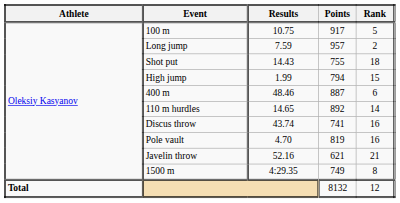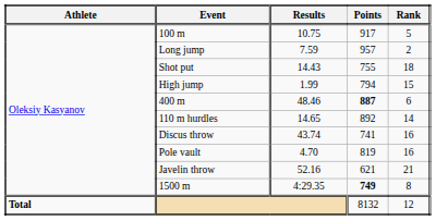 <table class=wikitable style="font-size:90%; border: double;">
 <tr>
 <th style="border-right:double" width=200>Athlete</th>
 <th style="border-right:double" width=150>Event</th>
 <th width=100>Results</th>
 <th width=50>Points</th>
 <th width=50>Rank</th>
 </tr>
 <tr style="border-top: double;">
 <td style="border-right:double" rowspan="10"><a href='#'>Oleksiy Kasyanov</a></td>
 <td style="border-right:double">100 m</td>
 <td align=center>10.75 </td>
 <td align=center>917</td>
 <td align=center>5</td>
 </tr>
 <tr>
 <td style="border-right:double">Long jump</td>
 <td align=center>7.59  </td>
 <td align=center>957</td>
 <td align=center>2</td>
 </tr>
 <tr>
 <td style="border-right:double">Shot put</td>
 <td align=center>14.43 </td>
 <td align=center>755</td>
 <td align=center>18</td>
 </tr>
 <tr>
 <td style="border-right:double">High jump</td>
 <td align=center>1.99</td>
 <td align=center>794</td>
 <td align=center>15</td>
 </tr>
 <tr>
 <td style="border-right:double">400 m</td>
 <td align=center>48.46</td>
-<td align=center>887</td>
+<td align=center><strong>887</strong></td>
 <td align=center>6</td>
 </tr>
 <tr>
 <td style="border-right:double">110 m hurdles</td>
 <td align=center>14.65</td>
 <td align=center>892</td>
 <td align=center>14</td>
 </tr>
 <tr>
 <td style="border-right:double">Discus throw</td>
 <td align=center>43.74</td>
 <td align=center>741</td>
 <td align=center>16</td>
 </tr>
 <tr>
 <td style="border-right:double">Pole vault</td>
 <td align=center>4.70</td>
 <td align=center>819</td>
 <td align=center>16</td>
 </tr>
 <tr>
 <td style="border-right:double">Javelin throw</td>
 <td align=center>52.16 </td>
 <td align=center>621</td>
 <td align=center>21</td>
 </tr>
 <tr>
 <td style="border-right:double">1500 m</td>
 <td align=center>4:29.35</td>
-<td align=center>749</td>
+<td align=center><strong>749</strong></td>
 <td align=center>8</td>
 </tr>
 <tr style="border-top: double;">
 <td style="border-right:double"><strong>Total</strong></td>
 <td colspan="2" style="background:wheat; border-right:double;"></td>
 <td align=center>8132</td>
 <td align=center>12</td>
 </tr>
 </table>
